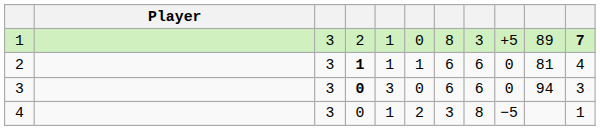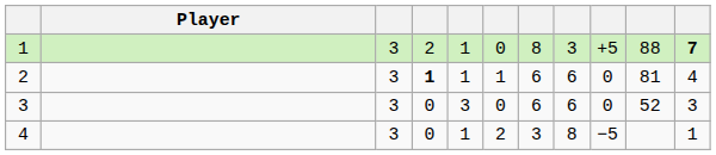 <table class="wikitable" style="text-align:center; margin: 1em auto 1em auto, align:left">
 <tr>
 <th width=20></th>
 <th width=240>Player</th>
 <th width=20></th>
 <th width=20></th>
 <th width=20></th>
 <th width=20></th>
 <th width=20></th>
 <th width=20></th>
 <th width=20></th>
 <th width=30></th>
 <th width=20></th>
 </tr>
 <tr style="background:#D0F0C0;">
 <td>1</td>
 <td align=left></td>
 <td>3</td>
 <td>2</td>
 <td>1</td>
 <td>0</td>
 <td>8</td>
 <td>3</td>
 <td>+5</td>
-<td>89</td>
+<td>88</td>
 <td><strong>7</strong></td>
 </tr>
 <tr style=>
 <td>2</td>
 <td align=left></td>
 <td>3</td>
 <td><strong>1</strong></td>
 <td>1</td>
 <td>1</td>
 <td>6</td>
 <td>6</td>
 <td>0</td>
 <td>81</td>
 <td>4</td>
 </tr>
 <tr style=>
 <td>3</td>
 <td align=left></td>
 <td>3</td>
-<td><strong>0</strong></td>
+<td>0</td>
 <td>3</td>
 <td>0</td>
 <td>6</td>
 <td>6</td>
 <td>0</td>
-<td>94</td>
+<td>52</td>
 <td>3</td>
 </tr>
 <tr style=>
 <td>4</td>
 <td align=left></td>
 <td>3</td>
 <td>0</td>
 <td>1</td>
 <td>2</td>
 <td>3</td>
 <td>8</td>
 <td>−5</td>
 <td></td>
 <td>1</td>
 </tr>
 </table>
